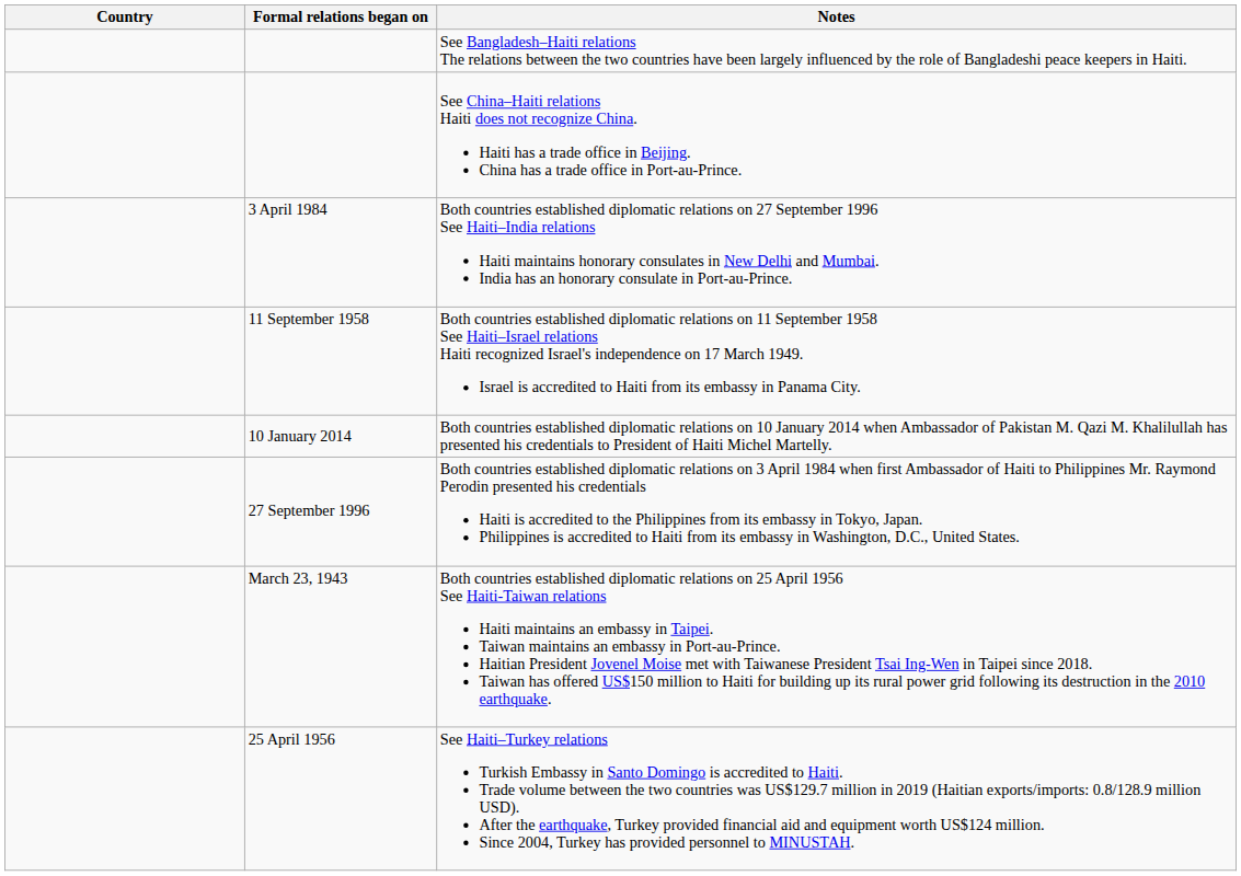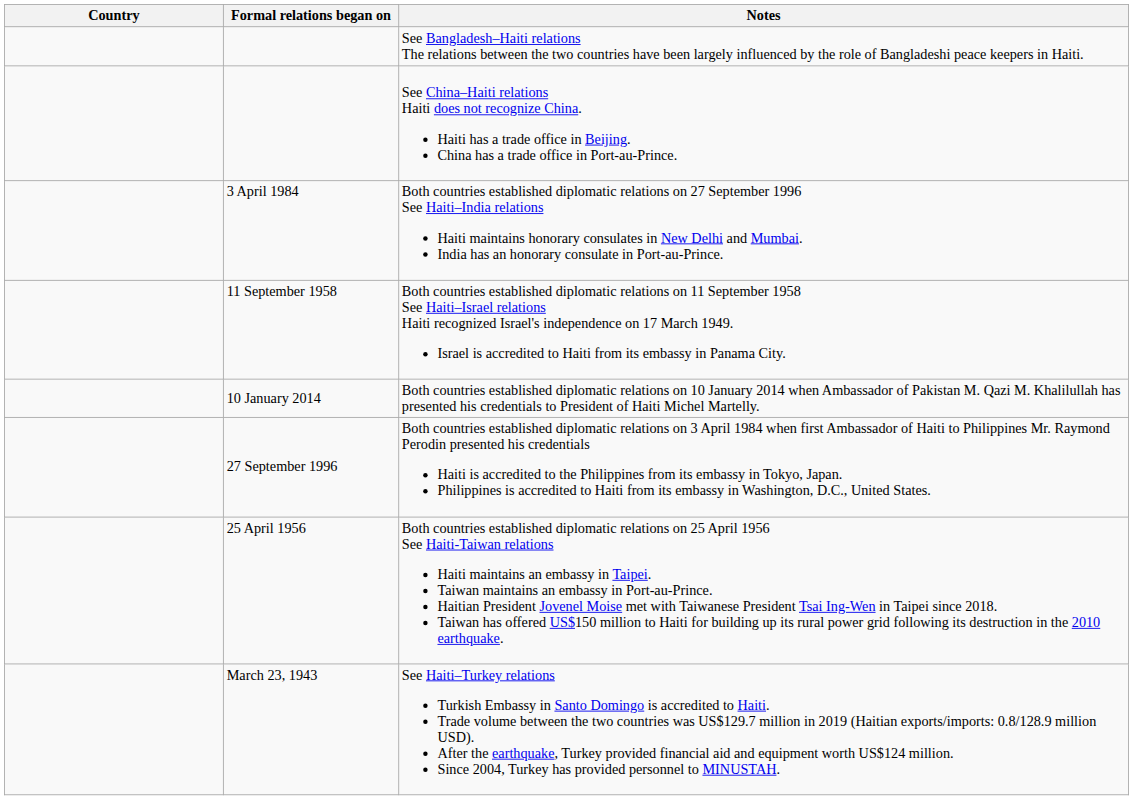 <table class="wikitable sortable" style="width:100%; margin:auto;">
 <tr>
 <th style="width:15%;">Country</th>
 <th style="width:12%;">Formal relations began on</th>
 <th style="width:50%;">Notes</th>
 </tr>
 <tr valign="top">
 <td></td>
 <td></td>
 <td>See <a href='#'>Bangladesh–Haiti relations</a><br>The relations between the two countries have been largely influenced by the role of Bangladeshi peace keepers in Haiti.</td>
 </tr>
 <tr valign="top">
 <td></td>
 <td></td>
 <td><br>See <a href='#'>China–Haiti relations</a><br>Haiti <a href='#'>does not recognize China</a>.<ul><li>Haiti has a trade office in <a href='#'>Beijing</a>.</li><li>China has a trade office in Port-au-Prince.</li></ul></td>
 </tr>
 <tr valign="top">
 <td></td>
 <td>3 April 1984</td>
 <td>Both countries established diplomatic relations on 27 September 1996<br>See <a href='#'>Haiti–India relations</a><ul><li>Haiti maintains honorary consulates in <a href='#'>New Delhi</a> and <a href='#'>Mumbai</a>.</li><li>India has an honorary consulate in Port-au-Prince.</li></ul></td>
 </tr>
 <tr valign="top">
 <td></td>
 <td>11 September 1958</td>
 <td>Both countries established diplomatic relations on 11 September 1958<br>See <a href='#'>Haiti–Israel relations</a><br>Haiti recognized Israel's independence on 17 March 1949.<ul><li>Israel is accredited to Haiti from its embassy in Panama City.</li></ul></td>
 </tr>
 <tr>
 <td></td>
 <td>10 January 2014</td>
 <td>Both countries established diplomatic relations on 10 January 2014 when Ambassador of Pakistan M. Qazi M. Khalilullah has presented his credentials to President of Haiti Michel Martelly.</td>
 </tr>
 <tr>
 <td></td>
 <td>27 September 1996</td>
 <td>Both countries established diplomatic relations on 3 April 1984 when first Ambassador of Haiti to Philippines Mr. Raymond Perodin presented his credentials<br><ul><li>Haiti is accredited to the Philippines from its embassy in Tokyo, Japan.</li><li>Philippines is accredited to Haiti from its embassy in Washington, D.C., United States.</li></ul></td>
 </tr>
 <tr valign="top">
 <td></td>
-<td>March 23, 1943</td>
+<td>25 April 1956</td>
 <td>Both countries established diplomatic relations on 25 April 1956<br>See <a href='#'>Haiti-Taiwan relations</a><ul><li>Haiti maintains an embassy in <a href='#'>Taipei</a>.</li><li>Taiwan maintains an embassy in Port-au-Prince.</li><li>Haitian President <a href='#'>Jovenel Moise</a> met with Taiwanese President <a href='#'>Tsai Ing-Wen</a> in Taipei since 2018.</li><li>Taiwan has offered <a href='#'>US$</a>150 million to Haiti for building up its rural power grid following its destruction in the <a href='#'>2010 earthquake</a>.</li></ul></td>
 </tr>
 <tr valign="top">
 <td></td>
-<td>25 April 1956</td>
+<td>March 23, 1943</td>
 <td>See <a href='#'>Haiti–Turkey relations</a><br><ul><li>Turkish Embassy in <a href='#'>Santo Domingo</a> is accredited to <a href='#'>Haiti</a>.</li><li>Trade volume between the two countries was US$129.7 million in 2019 (Haitian exports/imports: 0.8/128.9 million USD).</li><li>After the <a href='#'>earthquake</a>, Turkey provided financial aid and equipment worth US$124 million.</li><li>Since 2004, Turkey has provided personnel to <a href='#'>MINUSTAH</a>.</li></ul></td>
 </tr>
 </table>
